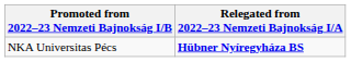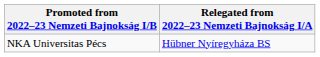 <table class="wikitable">
 <tr>
 <th>Promoted from<br><a href='#'>2022–23 Nemzeti Bajnokság I/B</a></th>
 <th>Relegated from<br><a href='#'>2022–23 Nemzeti Bajnokság I/A</a></th>
 </tr>
 <tr>
 <td>NKA Universitas Pécs</td>
-<td><strong><a href='#'>Hübner Nyíregyháza BS</a></strong></td>
+<td><a href='#'>Hübner Nyíregyháza BS</a></td>
 </tr>
 </table>
